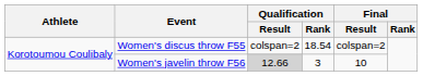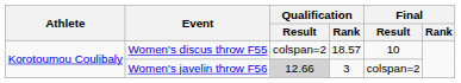 <table class="wikitable" style="text-align: center; font-size:90%">
 <tr>
 <th rowspan="2">Athlete</th>
 <th rowspan="2">Event</th>
 <th colspan="2">Qualification</th>
 <th colspan="2">Final</th>
 </tr>
 <tr style="font-size:95%">
 <th>Result</th>
 <th>Rank</th>
 <th>Result</th>
 <th>Rank</th>
 </tr>
 <tr>
 <td align=left rowspan="2"><a href='#'>Korotoumou Coulibaly</a></td>
 <td align=left><a href='#'>Women's discus throw F55</a></td>
 <td>colspan=2 </td>
-<td>18.54</td>
-<td>colspan=2 </td>
+<td>18.57</td>
+<td>10</td>
 </tr>
 <tr>
 <td align=left><a href='#'>Women's javelin throw F56</a></td>
 <td style="background: lightgrey;">12.66</td>
 <td>3</td>
-<td>10</td>
+<td>colspan=2 </td>
 </tr>
 </table>
